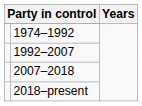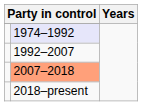 <table class="wikitable">
 <tr>
 <th colspan="2">Party in control</th>
 <th>Years</th>
 </tr>
 <tr>
 </tr>
 <tr>
 <td></td>
-<td>1974–1992</td>
+<td style="background: lavender;">1974–1992</td>
 </tr>
 <tr>
 <td></td>
 <td>1992–2007</td>
 </tr>
 <tr>
 <td></td>
-<td>2007–2018</td>
+<td style="background: lightsalmon;">2007–2018</td>
 </tr>
 <tr>
 <td></td>
 <td>2018–present</td>
 </tr>
 </table>
